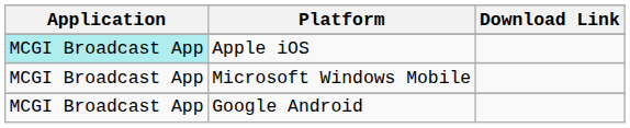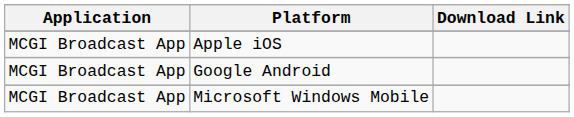 <table class="wikitable float center" style="=width:300px;">
 <tr>
 </tr>
 <tr style="font-size:100%">
 <th>Application</th>
 <th>Platform</th>
 <th>Download Link</th>
 </tr>
 <tr>
 </tr>
 <tr style="font-size:100%">
-<td style="background: paleturquoise;">MCGI Broadcast App</td>
+<td>MCGI Broadcast App</td>
 <td>Apple iOS</td>
+<td></td>
+</tr>
+<tr>
+</tr>
+<tr style="font-size:100%">
+<td>MCGI Broadcast App</td>
+<td>Google Android</td>
 <td></td>
 </tr>
 <tr>
 </tr>
 <tr style="font-size:100%">
 <td>MCGI Broadcast App</td>
 <td>Microsoft Windows Mobile</td>
 <td></td>
 </tr>
-<tr>
-</tr>
-<tr style="font-size:100%">
-<td>MCGI Broadcast App</td>
-<td>Google Android</td>
-<td></td>
-</tr>
 </table>
